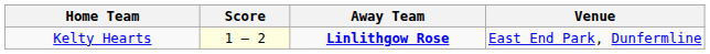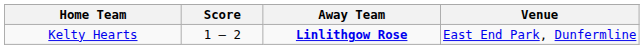 <table class="wikitable" style="text-align: center">
 <tr>
 </tr>
 <tr>
 <th width=180>Home Team</th>
 <th width=80>Score</th>
 <th width=180>Away Team</th>
 <th>Venue</th>
 </tr>
 <tr>
 <td><a href='#'>Kelty Hearts</a></td>
-<td style="background: lightyellow;">1 – 2</td>
+<td>1 – 2</td>
 <td><strong><a href='#'>Linlithgow Rose</a></strong></td>
 <td align=left><a href='#'>East End Park</a>, <a href='#'>Dunfermline</a></td>
 </tr>
 </table>
